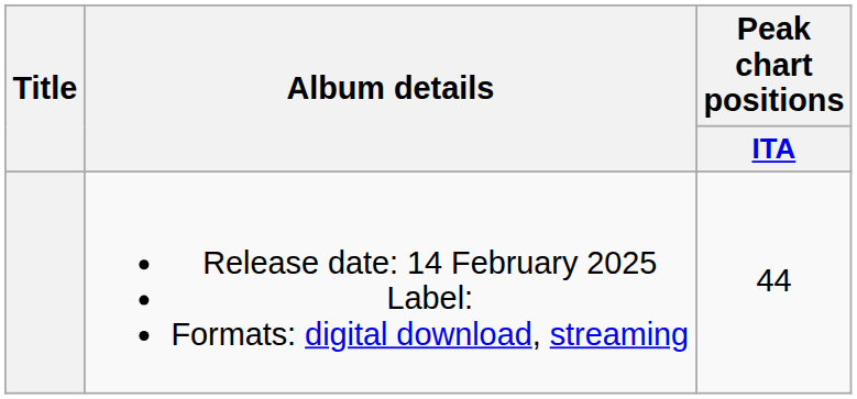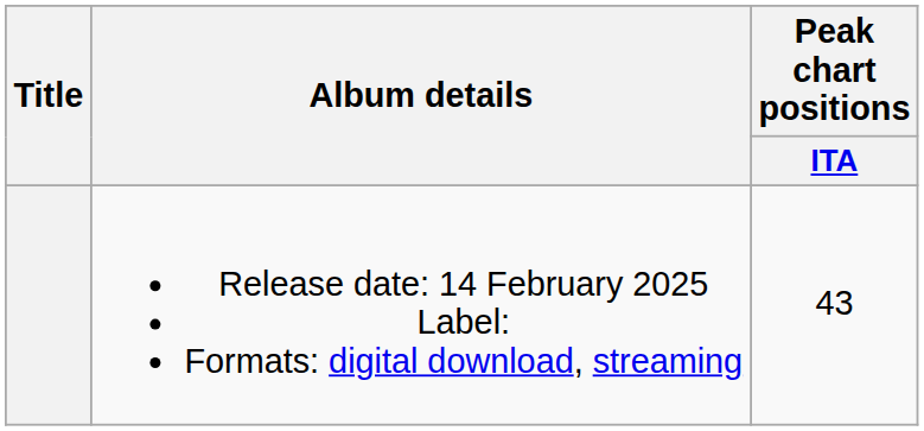 <table class="wikitable plainrowheaders" style="text-align:center;">
 <tr>
 <th scope="col" rowspan="2">Title</th>
 <th scope="col" rowspan="2">Album details</th>
 <th scope="col" colspan="1">Peak chart positions</th>
 </tr>
 <tr>
 <th scope="col" style="width:3em;font-size:90%;"><a href='#'>ITA</a><br></th>
 </tr>
 <tr>
 <th scope="row"></th>
 <td><br><ul><li>Release date: 14 February 2025</li><li>Label: </li><li>Formats: <a href='#'>digital download</a>, <a href='#'>streaming</a></li></ul></td>
-<td>44</td>
+<td>43</td>
 </tr>
 </table>
